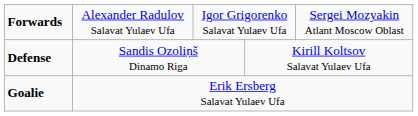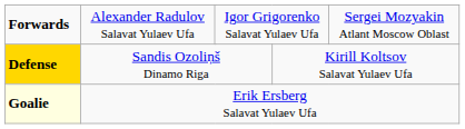 <table class="wikitable" width ="80%">
 <tr>
 <td><strong>Forwards</strong></td>
 <td align="center" colspan=2> <a href='#'>Alexander Radulov</a><br><small>Salavat Yulaev Ufa</small></td>
 <td align="center" colspan=2> <a href='#'>Igor Grigorenko</a><br><small>Salavat Yulaev Ufa</small></td>
 <td align="center" colspan=2> <a href='#'>Sergei Mozyakin</a><br><small>Atlant Moscow Oblast</small></td>
 </tr>
 <tr>
-<td><strong>Defense</strong></td>
+<td style="background: gold;"><strong>Defense</strong></td>
 <td align="center" colspan=3> <a href='#'>Sandis Ozoliņš</a><br><small>Dinamo Riga</small></td>
 <td align="center" colspan=3> <a href='#'>Kirill Koltsov</a><br><small>Salavat Yulaev Ufa</small></td>
 </tr>
 <tr>
-<td><strong>Goalie</strong></td>
+<td style="background: lightyellow;"><strong>Goalie</strong></td>
 <td align="center" colspan=6> <a href='#'>Erik Ersberg</a><br><small>Salavat Yulaev Ufa</small></td>
 </tr>
 </table>
